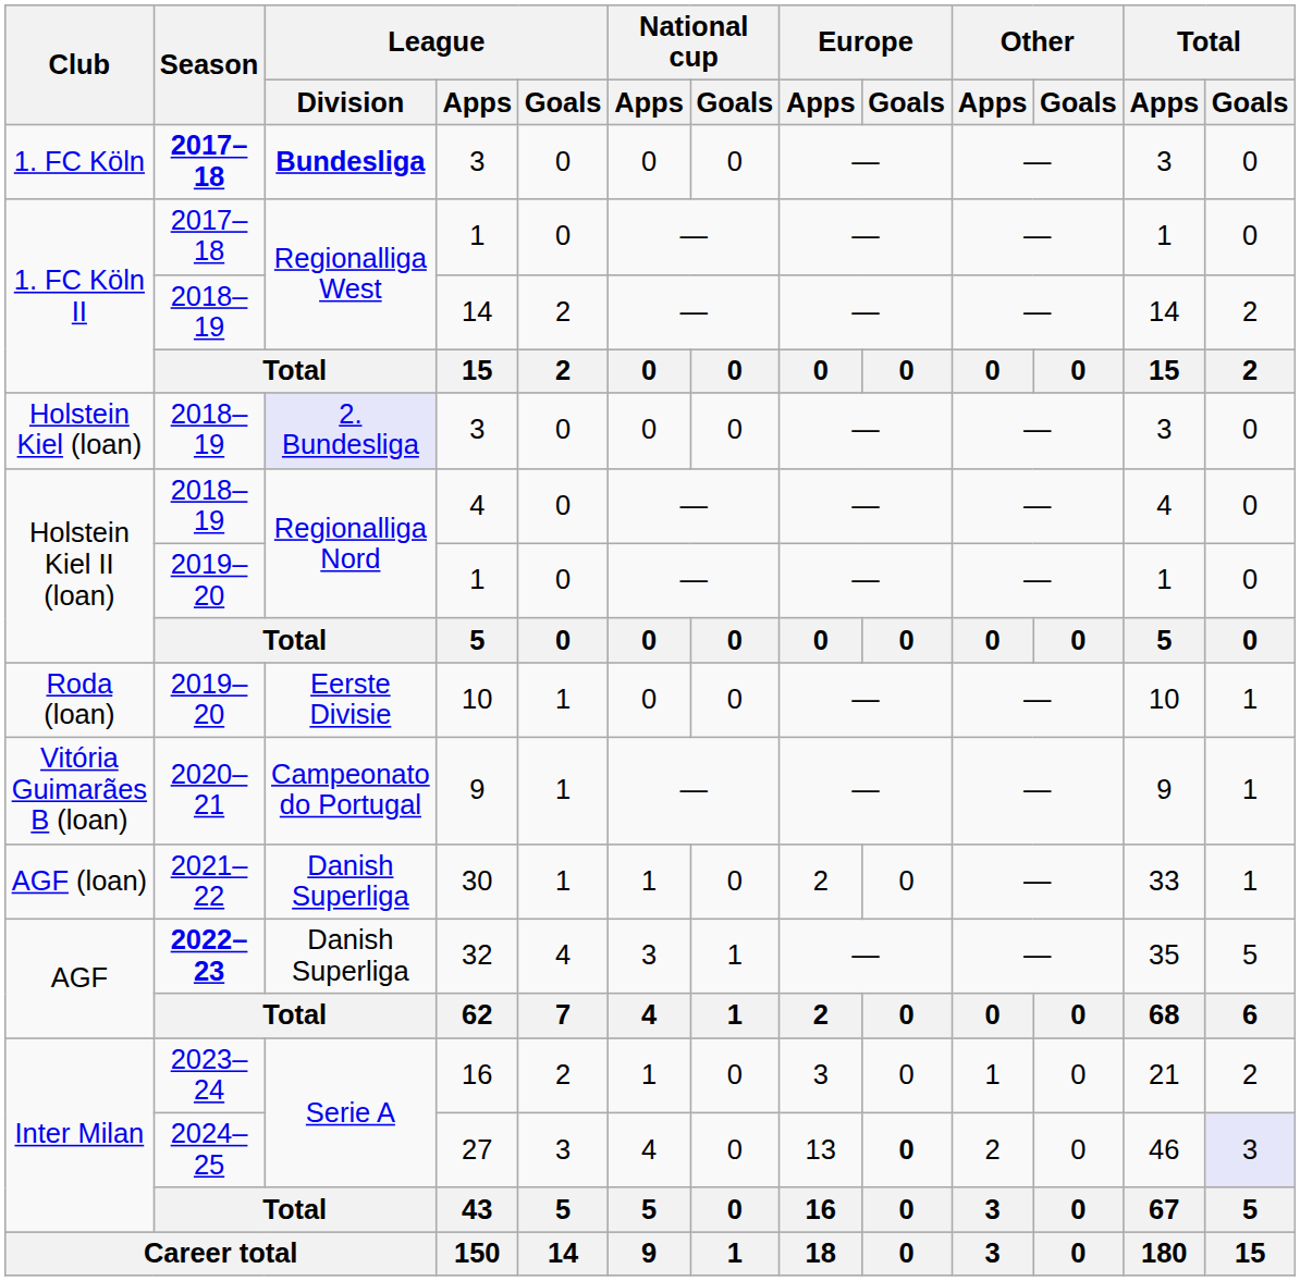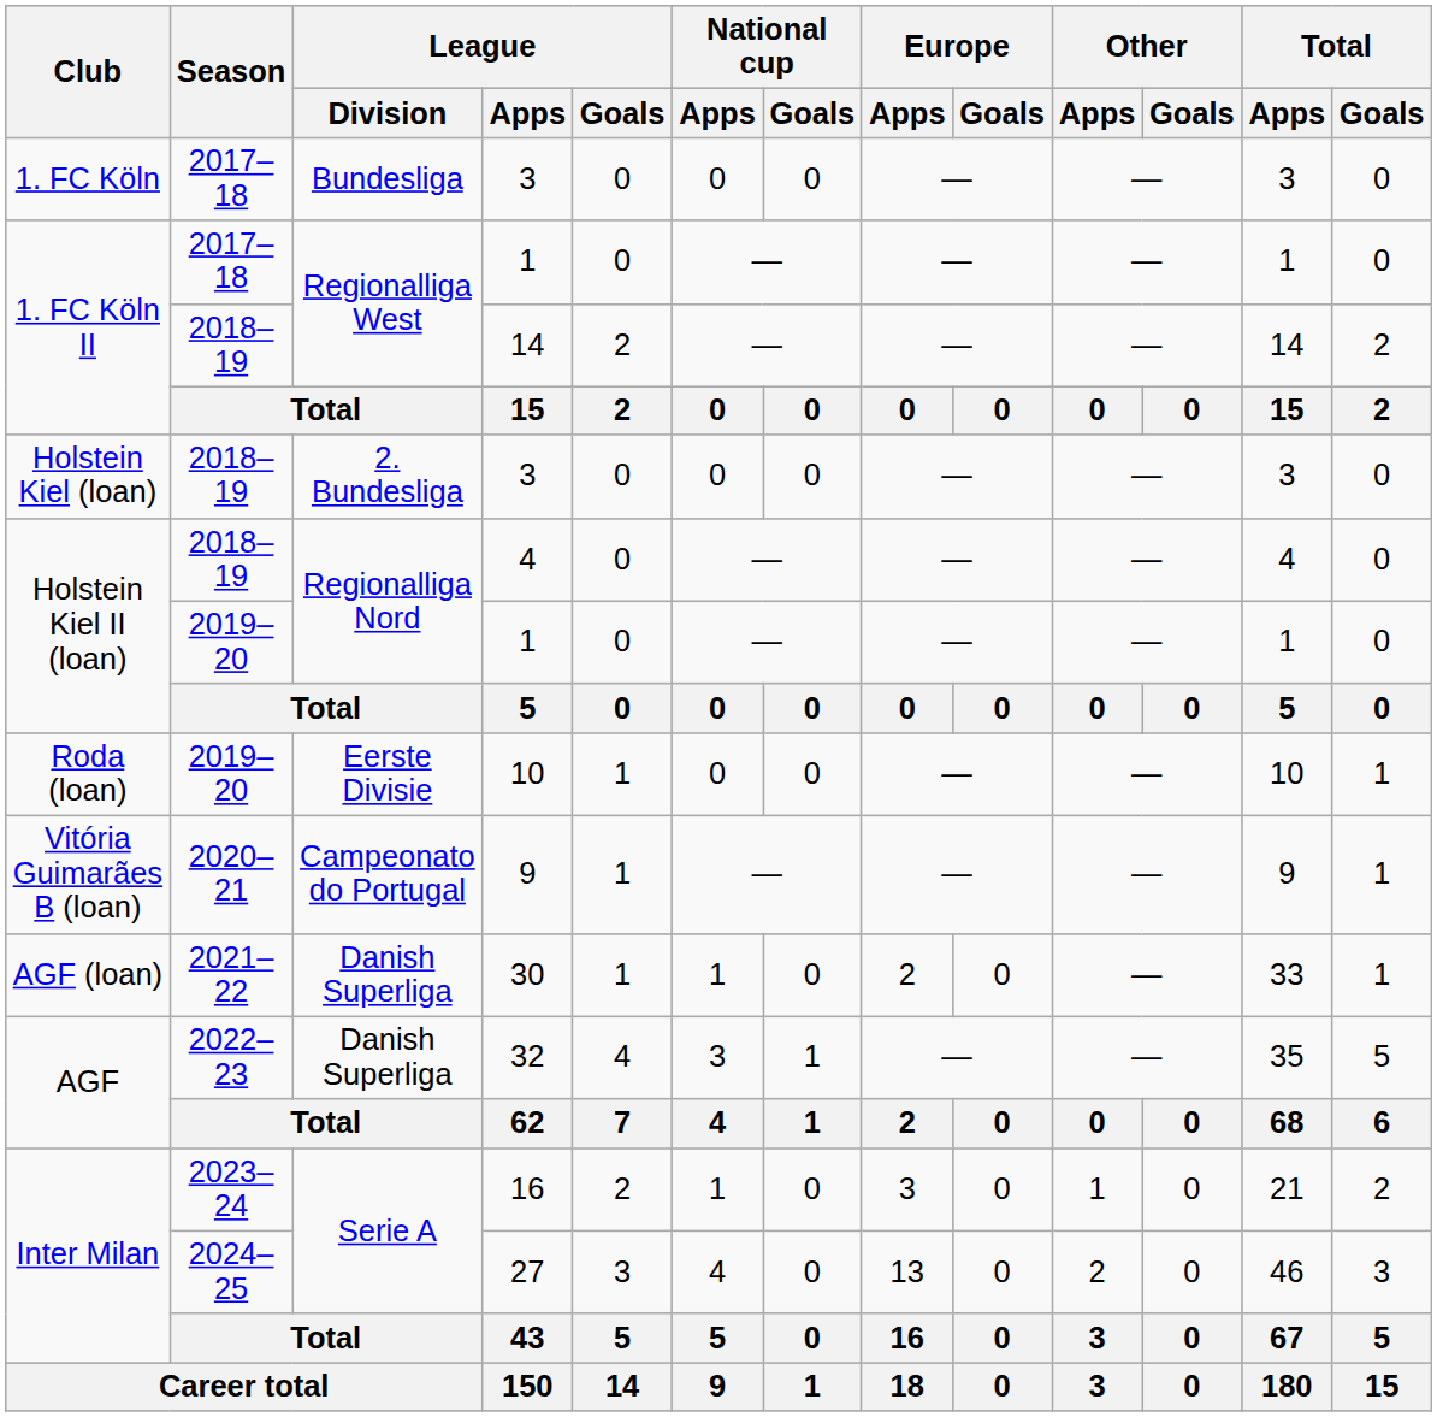 <table class="wikitable" style="text-align:center">
 <tr>
 <th rowspan="2">Club</th>
 <th rowspan="2">Season</th>
 <th colspan="3">League</th>
 <th colspan="2">National cup</th>
 <th colspan="2">Europe</th>
 <th colspan="2">Other</th>
 <th colspan="2">Total</th>
 </tr>
 <tr>
 <th>Division</th>
 <th>Apps</th>
 <th>Goals</th>
 <th>Apps</th>
 <th>Goals</th>
 <th>Apps</th>
 <th>Goals</th>
 <th>Apps</th>
 <th>Goals</th>
 <th>Apps</th>
 <th>Goals</th>
 </tr>
 <tr>
 <td><a href='#'>1. FC Köln</a></td>
-<td><strong><a href='#'>2017–18</a></strong></td>
-<td><strong><a href='#'>Bundesliga</a></strong></td>
+<td><a href='#'>2017–18</a></td>
+<td><a href='#'>Bundesliga</a></td>
 <td>3</td>
 <td>0</td>
 <td>0</td>
 <td>0</td>
 <td colspan="2">—</td>
 <td colspan="2">—</td>
 <td>3</td>
 <td>0</td>
 </tr>
 <tr>
 <td rowspan="3"><a href='#'>1. FC Köln II</a></td>
 <td><a href='#'>2017–18</a></td>
 <td rowspan="2"><a href='#'>Regionalliga West</a></td>
 <td>1</td>
 <td>0</td>
 <td colspan="2">—</td>
 <td colspan="2">—</td>
 <td colspan="2">—</td>
 <td>1</td>
 <td>0</td>
 </tr>
 <tr>
 <td><a href='#'>2018–19</a></td>
 <td>14</td>
 <td>2</td>
 <td colspan="2">—</td>
 <td colspan="2">—</td>
 <td colspan="2">—</td>
 <td>14</td>
 <td>2</td>
 </tr>
 <tr>
 <th colspan="2">Total</th>
 <th>15</th>
 <th>2</th>
 <th>0</th>
 <th>0</th>
 <th>0</th>
 <th>0</th>
 <th>0</th>
 <th>0</th>
 <th>15</th>
 <th>2</th>
 </tr>
 <tr>
 <td><a href='#'>Holstein Kiel</a> (loan)</td>
 <td><a href='#'>2018–19</a></td>
-<td style="background: lavender;"><a href='#'>2. Bundesliga</a></td>
+<td><a href='#'>2. Bundesliga</a></td>
 <td>3</td>
 <td>0</td>
 <td>0</td>
 <td>0</td>
 <td colspan="2">—</td>
 <td colspan="2">—</td>
 <td>3</td>
 <td>0</td>
 </tr>
 <tr>
 <td rowspan="3">Holstein Kiel II (loan)</td>
 <td><a href='#'>2018–19</a></td>
 <td rowspan="2"><a href='#'>Regionalliga Nord</a></td>
 <td>4</td>
 <td>0</td>
 <td colspan="2">—</td>
 <td colspan="2">—</td>
 <td colspan="2">—</td>
 <td>4</td>
 <td>0</td>
 </tr>
 <tr>
 <td><a href='#'>2019–20</a></td>
 <td>1</td>
 <td>0</td>
 <td colspan="2">—</td>
 <td colspan="2">—</td>
 <td colspan="2">—</td>
 <td>1</td>
 <td>0</td>
 </tr>
 <tr>
 <th colspan="2">Total</th>
 <th>5</th>
 <th>0</th>
 <th>0</th>
 <th>0</th>
 <th>0</th>
 <th>0</th>
 <th>0</th>
 <th>0</th>
 <th>5</th>
 <th>0</th>
 </tr>
 <tr>
 <td><a href='#'>Roda</a> (loan)</td>
 <td><a href='#'>2019–20</a></td>
 <td><a href='#'>Eerste Divisie</a></td>
 <td>10</td>
 <td>1</td>
 <td>0</td>
 <td>0</td>
 <td colspan="2">—</td>
 <td colspan="2">—</td>
 <td>10</td>
 <td>1</td>
 </tr>
 <tr>
 <td><a href='#'>Vitória Guimarães B</a> (loan)</td>
 <td><a href='#'>2020–21</a></td>
 <td><a href='#'>Campeonato do Portugal</a></td>
 <td>9</td>
 <td>1</td>
 <td colspan="2">—</td>
 <td colspan="2">—</td>
 <td colspan="2">—</td>
 <td>9</td>
 <td>1</td>
 </tr>
 <tr>
 <td><a href='#'>AGF</a> (loan)</td>
 <td><a href='#'>2021–22</a></td>
 <td><a href='#'>Danish Superliga</a></td>
 <td>30</td>
 <td>1</td>
 <td>1</td>
 <td>0</td>
 <td>2</td>
 <td>0</td>
 <td colspan="2">—</td>
 <td>33</td>
 <td>1</td>
 </tr>
 <tr>
 <td rowspan="2">AGF</td>
-<td><strong><a href='#'>2022–23</a></strong></td>
+<td><a href='#'>2022–23</a></td>
 <td>Danish Superliga</td>
 <td>32</td>
 <td>4</td>
 <td>3</td>
 <td>1</td>
 <td colspan="2">—</td>
 <td colspan="2">—</td>
 <td>35</td>
 <td>5</td>
 </tr>
 <tr>
 <th colspan="2">Total</th>
 <th>62</th>
 <th>7</th>
 <th>4</th>
 <th>1</th>
 <th>2</th>
 <th>0</th>
 <th>0</th>
 <th>0</th>
 <th>68</th>
 <th>6</th>
 </tr>
 <tr>
 <td rowspan="3"><a href='#'>Inter Milan</a></td>
 <td><a href='#'>2023–24</a></td>
 <td rowspan="2"><a href='#'>Serie A</a></td>
 <td>16</td>
 <td>2</td>
 <td>1</td>
 <td>0</td>
 <td>3</td>
 <td>0</td>
 <td>1</td>
 <td>0</td>
 <td>21</td>
 <td>2</td>
 </tr>
 <tr>
 <td><a href='#'>2024–25</a></td>
 <td>27</td>
 <td>3</td>
 <td>4</td>
 <td>0</td>
 <td>13</td>
-<td><strong>0</strong></td>
+<td>0</td>
 <td>2</td>
 <td>0</td>
 <td>46</td>
-<td style="background: lavender;">3</td>
+<td>3</td>
 </tr>
 <tr>
 <th colspan="2">Total</th>
 <th>43</th>
 <th>5</th>
 <th>5</th>
 <th>0</th>
 <th>16</th>
 <th>0</th>
 <th>3</th>
 <th>0</th>
 <th>67</th>
 <th>5</th>
 </tr>
 <tr>
 <th colspan="3">Career total</th>
 <th>150</th>
 <th>14</th>
 <th>9</th>
 <th>1</th>
 <th>18</th>
 <th>0</th>
 <th>3</th>
 <th>0</th>
 <th>180</th>
 <th>15</th>
 </tr>
 </table>
